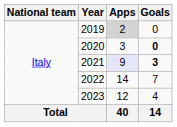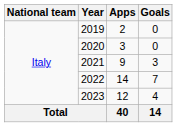 <table class="wikitable" style="text-align:center">
 <tr>
 <th>National team</th>
 <th>Year</th>
 <th>Apps</th>
 <th>Goals</th>
 </tr>
 <tr>
 <td rowspan="5"><a href='#'>Italy</a></td>
 <td>2019</td>
-<td style="background: lightgrey;">2</td>
+<td>2</td>
 <td>0</td>
 </tr>
 <tr>
 <td>2020</td>
 <td>3</td>
-<td><strong>0</strong></td>
+<td>0</td>
 </tr>
 <tr>
 <td>2021</td>
-<td style="background: lavender;">9</td>
-<td><strong>3</strong></td>
+<td>9</td>
+<td>3</td>
 </tr>
 <tr>
 <td>2022</td>
 <td>14</td>
 <td>7</td>
 </tr>
 <tr>
 <td>2023</td>
 <td>12</td>
 <td>4</td>
 </tr>
 <tr>
 <th colspan="2">Total</th>
 <th>40</th>
 <th>14</th>
 </tr>
 </table>
